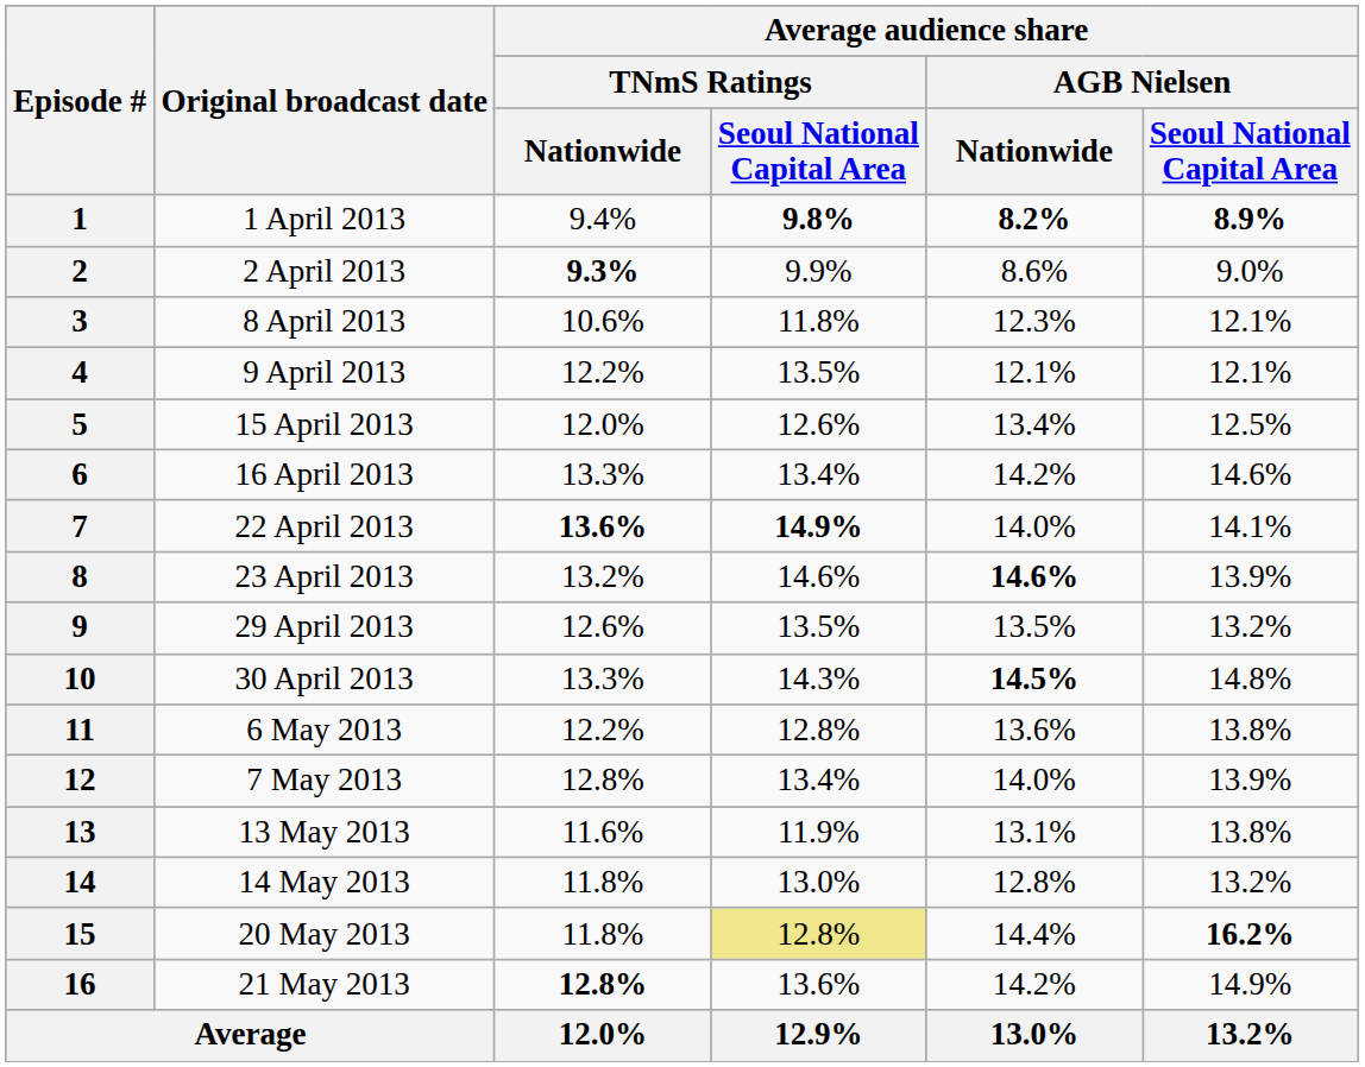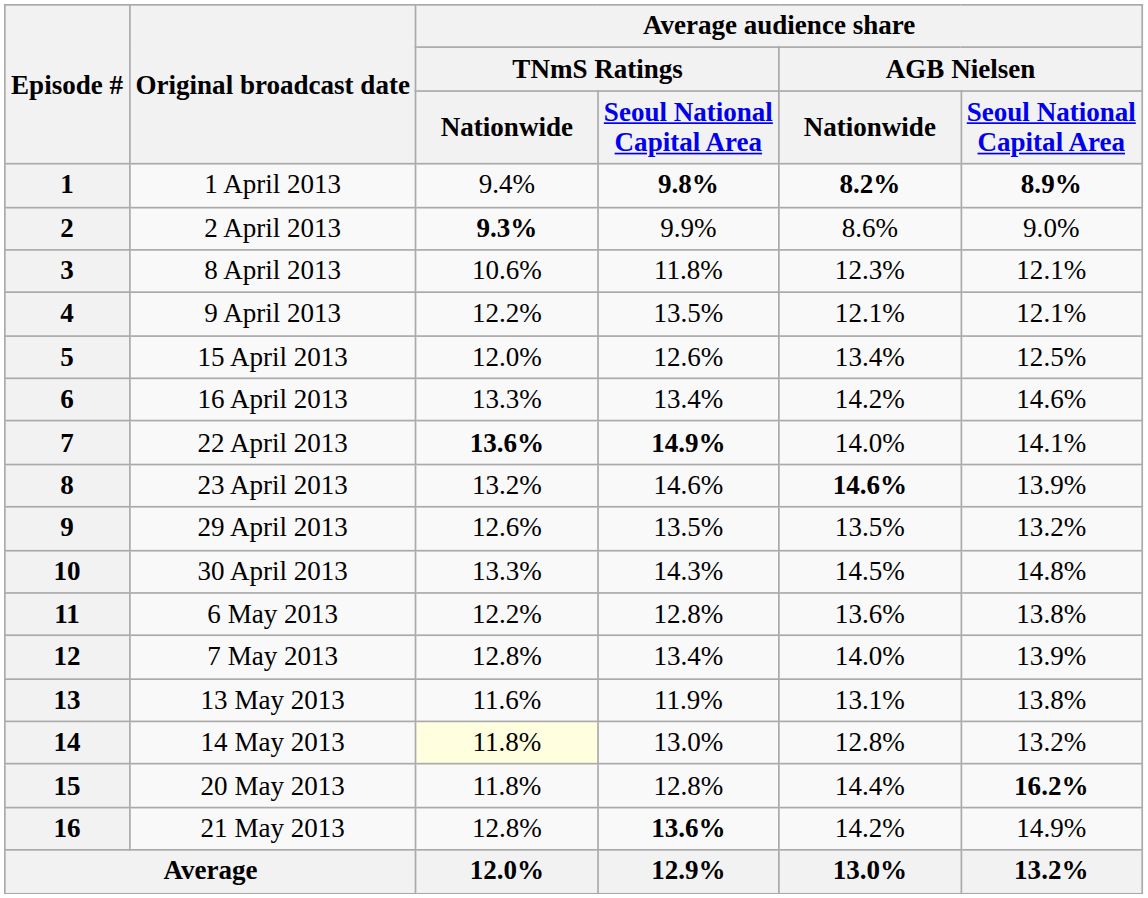 <table class=wikitable style="text-align:center">
 <tr>
 <th rowspan="3">Episode #</th>
 <th rowspan="3">Original broadcast date</th>
 <th colspan="4">Average audience share</th>
 </tr>
 <tr>
 <th colspan="2">TNmS Ratings</th>
 <th colspan="2">AGB Nielsen</th>
 </tr>
 <tr>
 <th width=100>Nationwide</th>
 <th width=100><a href='#'>Seoul National Capital Area</a></th>
 <th width=100>Nationwide</th>
 <th width=100><a href='#'>Seoul National Capital Area</a></th>
 </tr>
 <tr>
 <th>1</th>
 <td>1 April 2013</td>
 <td>9.4%</td>
 <td><span><strong>9.8%</strong></span></td>
 <td><span><strong>8.2%</strong></span></td>
 <td><span><strong>8.9%</strong></span></td>
 </tr>
 <tr>
 <th>2</th>
 <td>2 April 2013</td>
 <td><span><strong>9.3%</strong></span></td>
 <td>9.9%</td>
 <td>8.6%</td>
 <td>9.0%</td>
 </tr>
 <tr>
 <th>3</th>
 <td>8 April 2013</td>
 <td>10.6%</td>
 <td>11.8%</td>
 <td>12.3%</td>
 <td>12.1%</td>
 </tr>
 <tr>
 <th>4</th>
 <td>9 April 2013</td>
 <td>12.2%</td>
 <td>13.5%</td>
 <td>12.1%</td>
 <td>12.1%</td>
 </tr>
 <tr>
 <th>5</th>
 <td>15 April 2013</td>
 <td>12.0%</td>
 <td>12.6%</td>
 <td>13.4%</td>
 <td>12.5%</td>
 </tr>
 <tr>
 <th>6</th>
 <td>16 April 2013</td>
 <td>13.3%</td>
 <td>13.4%</td>
 <td>14.2%</td>
 <td>14.6%</td>
 </tr>
 <tr>
 <th>7</th>
 <td>22 April 2013</td>
 <td><span><strong>13.6%</strong></span></td>
 <td><span><strong>14.9%</strong></span></td>
 <td>14.0%</td>
 <td>14.1%</td>
 </tr>
 <tr>
 <th>8</th>
 <td>23 April 2013</td>
 <td>13.2%</td>
 <td>14.6%</td>
 <td><span><strong>14.6%</strong></span></td>
 <td>13.9%</td>
 </tr>
 <tr>
 <th>9</th>
 <td>29 April 2013</td>
 <td>12.6%</td>
 <td>13.5%</td>
 <td>13.5%</td>
 <td>13.2%</td>
 </tr>
 <tr>
 <th>10</th>
 <td>30 April 2013</td>
 <td>13.3%</td>
 <td>14.3%</td>
-<td><strong>14.5%</strong></td>
+<td>14.5%</td>
 <td>14.8%</td>
 </tr>
 <tr>
 <th>11</th>
 <td>6 May 2013</td>
 <td>12.2%</td>
 <td>12.8%</td>
 <td>13.6%</td>
 <td>13.8%</td>
 </tr>
 <tr>
 <th>12</th>
 <td>7 May 2013</td>
 <td>12.8%</td>
 <td>13.4%</td>
 <td>14.0%</td>
 <td>13.9%</td>
 </tr>
 <tr>
 <th>13</th>
 <td>13 May 2013</td>
 <td>11.6%</td>
 <td>11.9%</td>
 <td>13.1%</td>
 <td>13.8%</td>
 </tr>
 <tr>
 <th>14</th>
 <td>14 May 2013</td>
-<td>11.8%</td>
+<td style="background: lightyellow;">11.8%</td>
 <td>13.0%</td>
 <td>12.8%</td>
 <td>13.2%</td>
 </tr>
 <tr>
 <th>15</th>
 <td>20 May 2013</td>
 <td>11.8%</td>
-<td style="background: khaki;">12.8%</td>
+<td>12.8%</td>
 <td>14.4%</td>
 <td><span><strong>16.2%</strong></span></td>
 </tr>
 <tr>
 <th>16</th>
 <td>21 May 2013</td>
-<td><strong>12.8%</strong></td>
-<td>13.6%</td>
+<td>12.8%</td>
+<td><strong>13.6%</strong></td>
 <td>14.2%</td>
 <td>14.9%</td>
 </tr>
 <tr>
 <th colspan=2>Average</th>
 <th>12.0%</th>
 <th>12.9%</th>
 <th>13.0%</th>
 <th>13.2%</th>
 </tr>
 </table>
